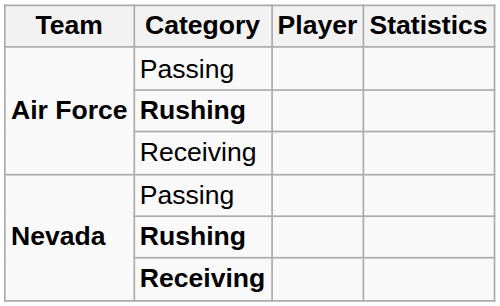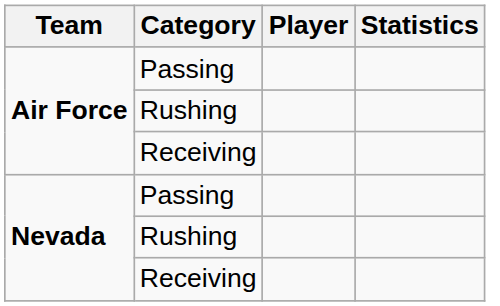 <table class="wikitable" style="float: left;">
 <tr>
 <th>Team</th>
 <th>Category</th>
 <th>Player</th>
 <th>Statistics</th>
 </tr>
 <tr>
 <td rowspan=3><strong>Air Force</strong></td>
 <td>Passing</td>
 <td></td>
 <td></td>
 </tr>
 <tr>
-<td><strong>Rushing</strong></td>
+<td>Rushing</td>
 <td></td>
 <td></td>
 </tr>
 <tr>
 <td>Receiving</td>
 <td></td>
 <td></td>
 </tr>
 <tr>
 <td rowspan=3><strong>Nevada</strong></td>
 <td>Passing</td>
 <td></td>
 <td></td>
 </tr>
 <tr>
-<td><strong>Rushing</strong></td>
+<td>Rushing</td>
 <td></td>
 <td></td>
 </tr>
 <tr>
-<td><strong>Receiving</strong></td>
+<td>Receiving</td>
 <td></td>
 <td></td>
 </tr>
 </table>
